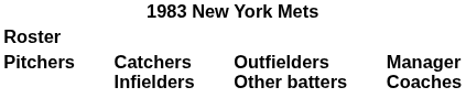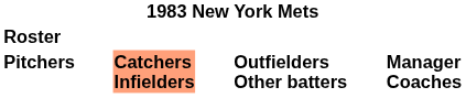 <table class="toccolours" style="font-size: 95%;">
 <tr>
 <th colspan="10">1983 New York Mets</th>
 </tr>
 <tr>
 <td colspan="10"><strong>Roster</strong></td>
 </tr>
 <tr>
 <td valign="top"><strong>Pitchers</strong><br>              </td>
 <td width="25px"></td>
-<td valign="top"><strong>Catchers</strong><br>     <strong>Infielders</strong>             </td>
+<td valign="top" style="background: lightsalmon;"><strong>Catchers</strong><br>     <strong>Infielders</strong>             </td>
 <td width="25px"></td>
 <td valign="top"><strong>Outfielders</strong><br>      <strong>Other batters</strong> </td>
 <td width="25px"></td>
 <td valign="top"><strong>Manager</strong><br>  <strong>Coaches</strong>     </td>
 </tr>
 </table>
